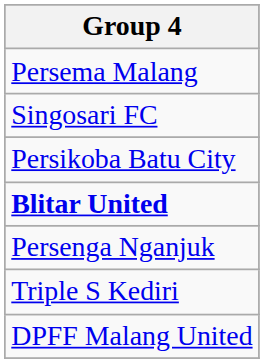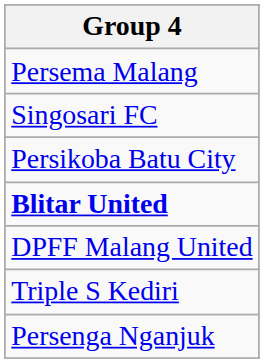 <table class="wikitable">
 <tr>
 <th><strong>Group 4</strong></th>
 </tr>
 <tr>
 <td><a href='#'>Persema Malang</a></td>
 </tr>
 <tr>
 <td><a href='#'>Singosari FC</a></td>
 </tr>
 <tr>
 <td><a href='#'>Persikoba Batu City</a></td>
 </tr>
 <tr>
 <td><strong><a href='#'>Blitar United</a></strong></td>
 </tr>
 <tr>
-<td><a href='#'>Persenga Nganjuk</a></td>
+<td><a href='#'>DPFF Malang United</a></td>
 </tr>
 <tr>
 <td><a href='#'>Triple S Kediri</a></td>
 </tr>
 <tr>
-<td><a href='#'>DPFF Malang United</a></td>
+<td><a href='#'>Persenga Nganjuk</a></td>
 </tr>
 </table>
